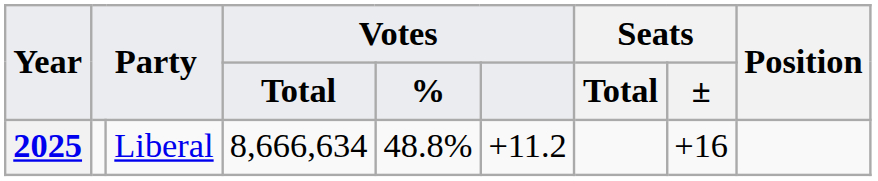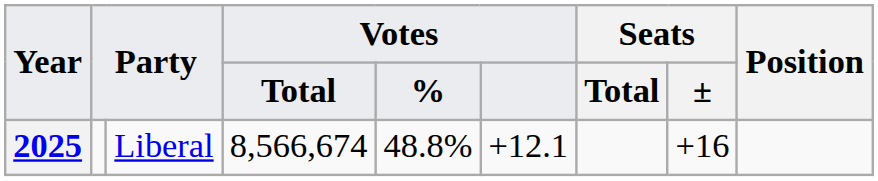 <table class="wikitable" style="font-size:90%; text-align:center;">
 <tr>
 <th rowspan="2" style="background:#eaecf0;">Year</th>
 <th colspan="2" rowspan="2" style="background:#eaecf0;">Party</th>
 <th colspan="3" style="background:#eaecf0;">Votes</th>
 <th colspan="2">Seats</th>
 <th rowspan="2">Position</th>
 </tr>
 <tr>
 <th style="background:#eaecf0;">Total</th>
 <th style="background:#eaecf0;">%</th>
 <th style="background:#eaecf0;"></th>
 <th>Total</th>
 <th>±</th>
 </tr>
 <tr>
 <th><a href='#'>2025</a></th>
 <td style="background-color:"></td>
 <td><a href='#'>Liberal</a></td>
-<td>8,666,634</td>
+<td>8,566,674</td>
 <td>48.8%</td>
-<td>+11.2</td>
+<td>+12.1</td>
 <td></td>
 <td>+16</td>
 <td></td>
 </tr>
 </table>
